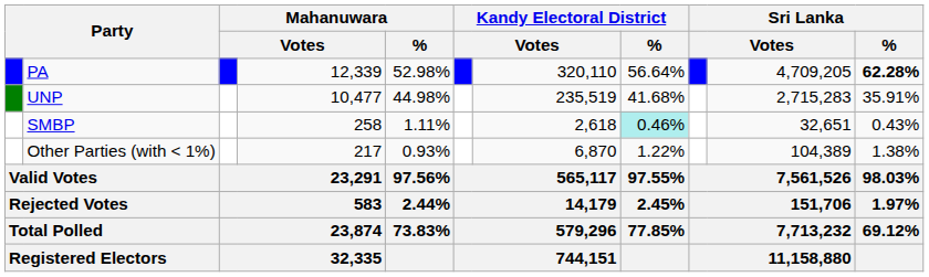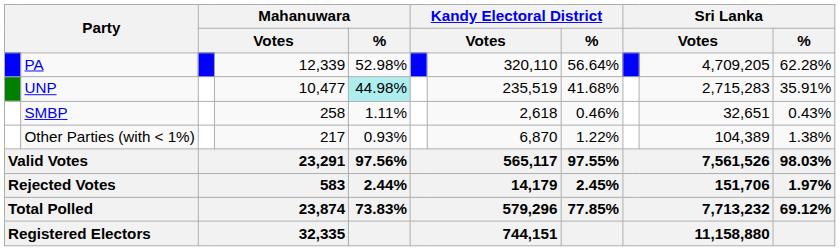 <table class="wikitable">
 <tr>
 <th colspan="2" width="144px"rowspan="2">Party</th>
 <th colspan="3" width="216px">Mahanuwara</th>
 <th colspan="3" width="216px"><a href='#'>Kandy Electoral District</a></th>
 <th colspan="3" width="216px">Sri Lanka</th>
 </tr>
 <tr>
 <th colspan="2" width="144px">Votes</th>
 <th>%</th>
 <th colspan="2" width="144px">Votes</th>
 <th>%</th>
 <th colspan="2" width="144px">Votes</th>
 <th>%</th>
 </tr>
 <tr>
 <td style="background-color:blue;" width="10px"></td>
 <td style="text-align:left;"><a href='#'>PA</a></td>
 <td style="background-color:blue;" width="10px"></td>
 <td style="text-align:right;">12,339</td>
 <td style="text-align:right;">52.98%</td>
 <td style="background-color:blue;" width="10px"></td>
 <td style="text-align:right;">320,110</td>
 <td style="text-align:right;">56.64%</td>
 <td style="background-color:blue;" width="10px"></td>
 <td style="text-align:right;">4,709,205</td>
-<td style="text-align:right;"><strong>62.28%</strong></td>
+<td style="text-align:right;">62.28%</td>
 </tr>
 <tr>
 <td style="background-color:green;" width="10px"></td>
 <td style="text-align:left;"><a href='#'>UNP</a></td>
 <td style="background-color:white;" width="10px"></td>
 <td style="text-align:right;">10,477</td>
-<td style="text-align:right;">44.98%</td>
+<td style="background: paleturquoise; text-align:right;">44.98%</td>
 <td style="background-color:white;" width="10px"></td>
 <td style="text-align:right;">235,519</td>
 <td style="text-align:right;">41.68%</td>
 <td style="background-color:white;" width="10px"></td>
 <td style="text-align:right;">2,715,283</td>
 <td style="text-align:right;">35.91%</td>
 </tr>
 <tr>
 <td style="background-color:white;" width="10px"></td>
 <td style="text-align:left;"><a href='#'>SMBP</a></td>
 <td style="background-color:white;" width="10px"></td>
 <td style="text-align:right;">258</td>
 <td style="text-align:right;">1.11%</td>
 <td style="background-color:white;" width="10px"></td>
 <td style="text-align:right;">2,618</td>
-<td style="background: paleturquoise; text-align:right;">0.46%</td>
+<td style="text-align:right;">0.46%</td>
 <td style="background-color:white;" width="10px"></td>
 <td style="text-align:right;">32,651</td>
 <td style="text-align:right;">0.43%</td>
 </tr>
 <tr>
 <td style="background-color:white;" width="10px"></td>
 <td style="text-align:left;">Other Parties (with < 1%)</td>
 <td style="background-color:white;" width="10px"></td>
 <td style="text-align:right;">217</td>
 <td style="text-align:right;">0.93%</td>
 <td style="background-color:white;" width="10px"></td>
 <td style="text-align:right;">6,870</td>
 <td style="text-align:right;">1.22%</td>
 <td style="background-color:white;" width="10px"></td>
 <td style="text-align:right;">104,389</td>
 <td style="text-align:right;">1.38%</td>
 </tr>
 <tr>
 <th colspan="2" width="144px"style="text-align:left;">Valid Votes</th>
 <th style="text-align:right;"colspan="2" width="144px">23,291</th>
 <th style="text-align:right;">97.56%</th>
 <th style="text-align:right;"colspan="2" width="144px">565,117</th>
 <th style="text-align:right;">97.55%</th>
 <th style="text-align:right;"colspan="2" width="144px">7,561,526</th>
 <th style="text-align:right;">98.03%</th>
 </tr>
 <tr>
 <th colspan="2" width="144px"style="text-align:left;">Rejected Votes</th>
 <th style="text-align:right;"colspan="2" width="144px">583</th>
 <th style="text-align:right;">2.44%</th>
 <th style="text-align:right;"colspan="2" width="144px">14,179</th>
 <th style="text-align:right;">2.45%</th>
 <th style="text-align:right;"colspan="2" width="144px">151,706</th>
 <th style="text-align:right;">1.97%</th>
 </tr>
 <tr>
 <th colspan="2" width="144px"style="text-align:left;">Total Polled</th>
 <th style="text-align:right;"colspan="2" width="144px">23,874</th>
 <th style="text-align:right;">73.83%</th>
 <th style="text-align:right;"colspan="2" width="144px">579,296</th>
 <th style="text-align:right;">77.85%</th>
 <th style="text-align:right;"colspan="2" width="144px">7,713,232</th>
 <th style="text-align:right;">69.12%</th>
 </tr>
 <tr>
 <th colspan="2" width="144px"style="text-align:left;">Registered Electors</th>
 <th style="text-align:right;"colspan="2" width="144px">32,335</th>
 <th></th>
 <th style="text-align:right;"colspan="2" width="144px">744,151</th>
 <th></th>
 <th style="text-align:right;"colspan="2" width="144px">11,158,880</th>
 <th></th>
 </tr>
 </table>
